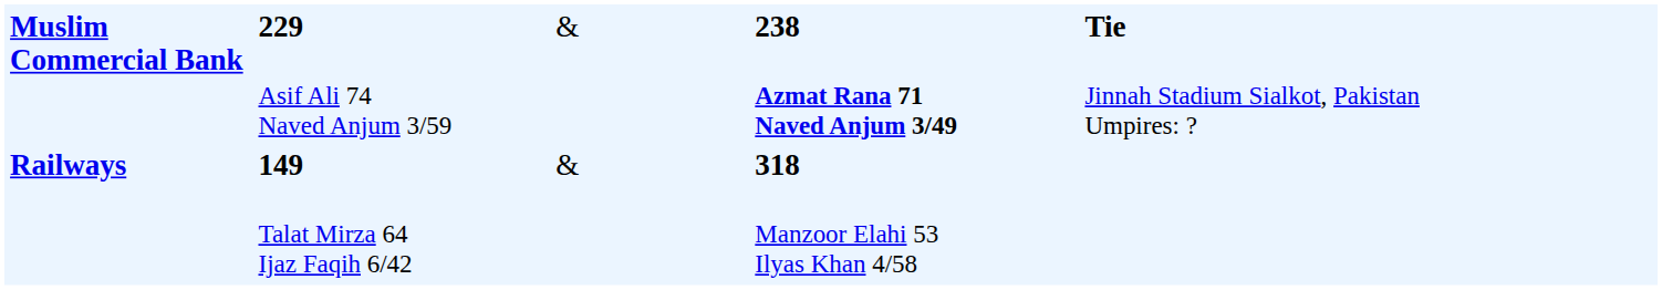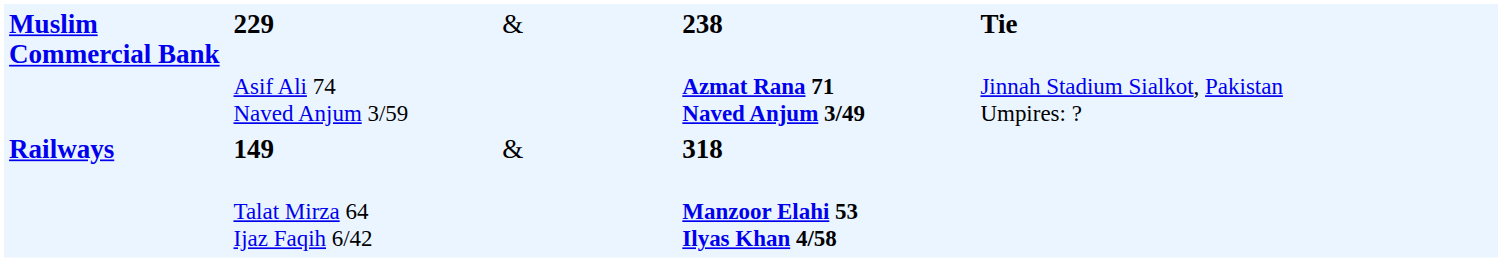 <table width="100%" style="background: #EBF5FF">
 <tr>
 <td width="15%" valign="top" rowspan="2"><strong><a href='#'>Muslim Commercial Bank</a></strong></td>
 <td width="18%"><strong>229</strong></td>
 <td width="12%">&</td>
 <td width="20%"><strong>238</strong></td>
 <td width="35%"><strong>Tie</strong></td>
 </tr>
 <tr>
 <td style="font-size: 85%;" valign="top"><br><a href='#'>Asif Ali</a> 74<br> <a href='#'>Naved Anjum</a> 3/59</td>
 <td></td>
 <td style="font-size: 85%;"><strong><br><a href='#'>Azmat Rana</a> 71<br> <a href='#'>Naved Anjum</a> 3/49</strong></td>
 <td valign="top" style="font-size: 85%;" rowspan="3"><br><a href='#'>Jinnah Stadium Sialkot</a>, <a href='#'>Pakistan</a><br> Umpires: ?</td>
 </tr>
 <tr>
 <td valign="top" rowspan="2"><strong><a href='#'>Railways</a></strong></td>
 <td><strong>149</strong></td>
 <td>&</td>
 <td><strong>318</strong></td>
 </tr>
 <tr>
 <td style="font-size: 85%;"><br><a href='#'>Talat Mirza</a> 64<br> <a href='#'>Ijaz Faqih</a> 6/42</td>
 <td></td>
-<td valign="top" style="font-size: 85%;"><br><a href='#'>Manzoor Elahi</a> 53<br> <a href='#'>Ilyas Khan</a> 4/58</td>
+<td valign="top" style="font-size: 85%;"><strong><br><a href='#'>Manzoor Elahi</a> 53<br> <a href='#'>Ilyas Khan</a> 4/58</strong></td>
 </tr>
 </table>
